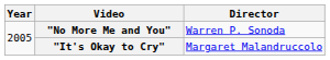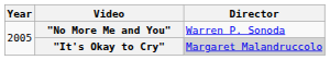 <table class="wikitable plainrowheaders">
 <tr>
 <th>Year</th>
 <th style="width:14em;">Video</th>
 <th>Director</th>
 </tr>
 <tr>
 <td rowspan="2">2005</td>
 <th scope="row">"No More Me and You"</th>
 <td><a href='#'>Warren P. Sonoda</a></td>
 </tr>
 <tr>
 <th scope="row">"It's Okay to Cry"</th>
-<td><a href='#'>Margaret Malandruccolo</a></td>
+<td style="background: lightgrey;"><a href='#'>Margaret Malandruccolo</a></td>
 </tr>
 </table>
